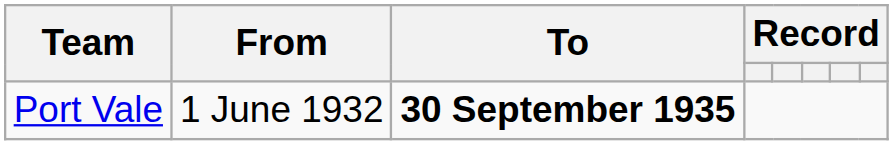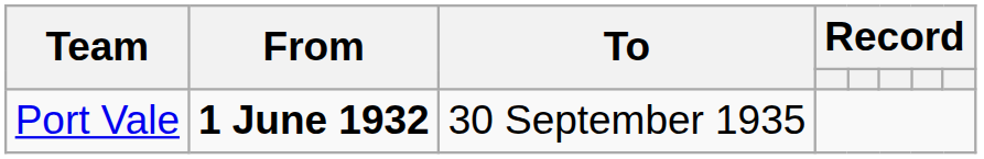 <table class=wikitable style="text-align: center">
 <tr>
 <th rowspan=2>Team</th>
 <th rowspan=2>From</th>
 <th rowspan=2>To</th>
 <th colspan=5>Record</th>
 </tr>
 <tr>
 <th></th>
 <th></th>
 <th></th>
 <th></th>
 <th></th>
 </tr>
 <tr>
 <td align=left><a href='#'>Port Vale</a></td>
-<td align=left>1 June 1932</td>
-<td align=left><strong>30 September 1935<br></strong></td>
+<td align=left><strong>1 June 1932</strong></td>
+<td align=left>30 September 1935<br></td>
 </tr>
 </table>
